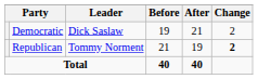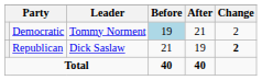 <table class="wikitable" style="text-align:center;">
 <tr>
 </tr>
 <tr>
 <th colspan=2>Party</th>
 <th>Leader</th>
 <th>Before</th>
 <th>After</th>
 <th>Change</th>
 </tr>
 <tr>
 <th style="background-color:"></th>
 <td style="text-align:left;"><a href='#'>Democratic</a></td>
-<td style="text-align:left;"><a href='#'>Dick Saslaw</a></td>
-<td>19</td>
+<td style="text-align:left;"><a href='#'>Tommy Norment</a></td>
+<td style="background: lightblue;">19</td>
 <td>21</td>
 <td> 2</td>
 </tr>
 <tr>
 <th style="background-color:"></th>
 <td style="text-align:left;"><a href='#'>Republican</a></td>
-<td style="text-align:left;"><a href='#'>Tommy Norment</a></td>
+<td style="text-align:left;"><a href='#'>Dick Saslaw</a></td>
 <td>21</td>
 <td>19</td>
 <td><strong> 2</strong></td>
 </tr>
 <tr>
 <td colspan=3><strong>Total</strong></td>
 <td><strong>40</strong></td>
 <td><strong>40</strong></td>
 </tr>
 </table>
